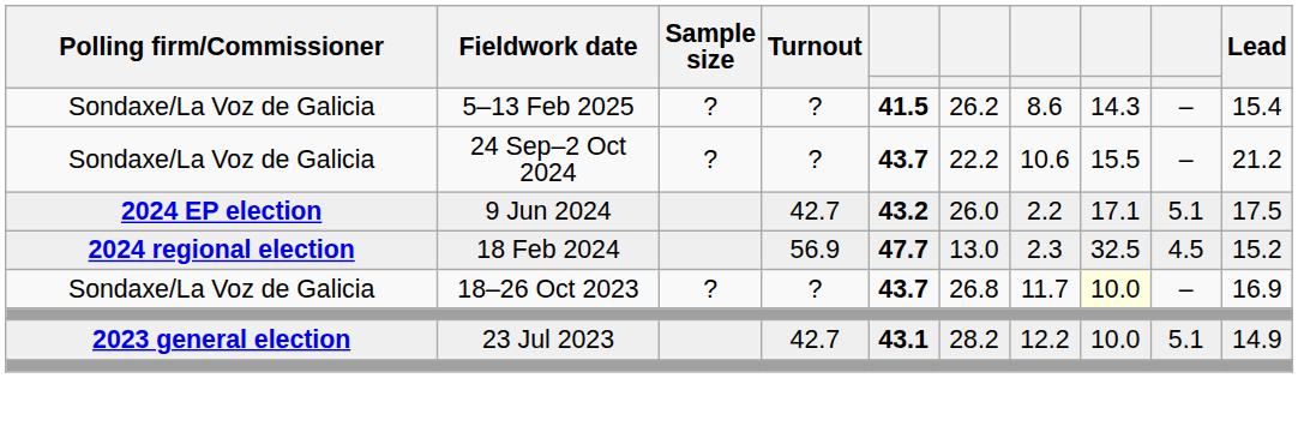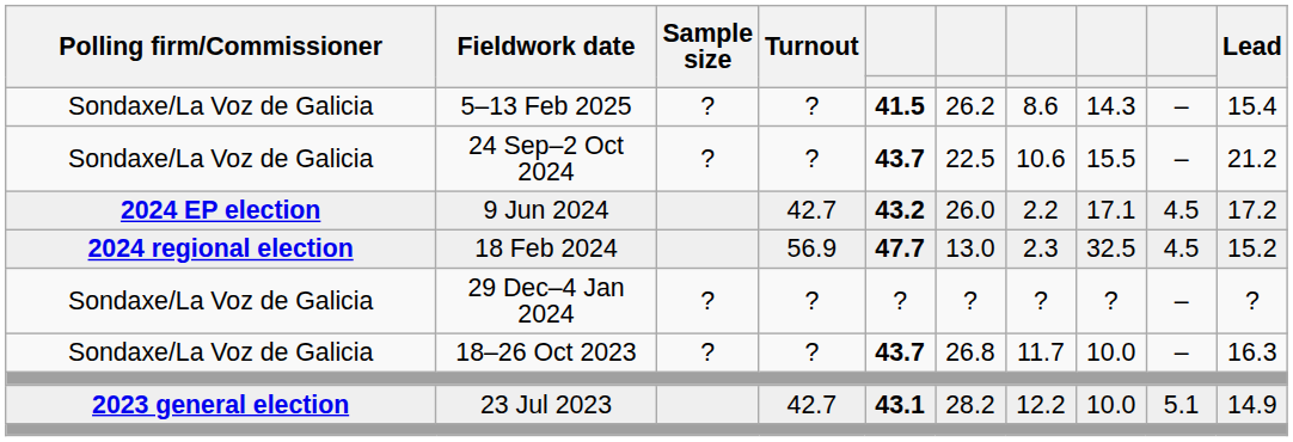 <table class="wikitable collapsible collapsed" style="text-align:center; font-size:95%; line-height:16px;">
 <tr style="height:42px;">
 <th style="width:250px;" rowspan="2">Polling firm/Commissioner</th>
 <th style="width:125px;" rowspan="2">Fieldwork date</th>
 <th style="width:50px;" rowspan="2">Sample size</th>
 <th style="width:45px;" rowspan="2">Turnout</th>
 <th style="width:35px;"></th>
 <th style="width:35px;"></th>
 <th style="width:35px;"></th>
 <th style="width:35px;"></th>
 <th style="width:35px;"></th>
 <th style="width:30px;" rowspan="2">Lead</th>
 </tr>
 <tr>
 <th style="color:inherit;background:"></th>
 <th style="color:inherit;background:"></th>
 <th style="color:inherit;background:"></th>
 <th style="color:inherit;background:"></th>
 <th style="color:inherit;background:"></th>
 </tr>
 <tr>
 <td>Sondaxe/La Voz de Galicia</td>
 <td>5–13 Feb 2025</td>
 <td>?</td>
 <td>?</td>
 <td><strong>41.5</strong><br></td>
 <td>26.2<br></td>
 <td>8.6<br></td>
 <td>14.3<br></td>
 <td>–</td>
 <td style="background:">15.4</td>
 </tr>
 <tr>
 <td>Sondaxe/La Voz de Galicia</td>
 <td>24 Sep–2 Oct 2024</td>
 <td>?</td>
 <td>?</td>
 <td><strong>43.7</strong><br></td>
-<td>22.2<br></td>
+<td>22.5<br></td>
 <td>10.6<br></td>
 <td>15.5<br></td>
 <td>–</td>
 <td style="background:">21.2</td>
 </tr>
 <tr style="background:#EFEFEF;">
 <td><strong><a href='#'>2024 EP election</a></strong></td>
 <td>9 Jun 2024</td>
 <td></td>
 <td>42.7</td>
 <td><strong>43.2</strong><br></td>
 <td>26.0<br></td>
 <td>2.2<br></td>
 <td>17.1<br></td>
-<td>5.1<br></td>
-<td style="background:">17.5</td>
+<td>4.5<br></td>
+<td style="background:">17.2</td>
 </tr>
 <tr style="background:#EFEFEF;">
 <td><strong><a href='#'>2024 regional election</a></strong></td>
 <td>18 Feb 2024</td>
 <td></td>
 <td>56.9</td>
 <td><strong>47.7</strong><br></td>
 <td>13.0<br></td>
 <td>2.3<br></td>
 <td>32.5<br></td>
 <td>4.5<br></td>
 <td style="background:">15.2</td>
 </tr>
 <tr>
 <td>Sondaxe/La Voz de Galicia</td>
+<td>29 Dec–4 Jan 2024</td>
+<td>?</td>
+<td>?</td>
+<td>?<br></td>
+<td>?<br></td>
+<td>?<br></td>
+<td>?<br></td>
+<td>–</td>
+<td style="background:">?</td>
+</tr>
+<tr>
+<td>Sondaxe/La Voz de Galicia</td>
 <td>18–26 Oct 2023</td>
 <td>?</td>
 <td>?</td>
 <td><strong>43.7</strong><br></td>
 <td>26.8<br></td>
 <td>11.7<br></td>
-<td style="background: lightyellow;">10.0<br></td>
+<td>10.0<br></td>
 <td>–</td>
-<td style="background:">16.9</td>
+<td style="background:">16.3</td>
 </tr>
 <tr>
 <td colspan="10" style="background:#A0A0A0"></td>
 </tr>
 <tr style="background:#EFEFEF;">
 <td><strong><a href='#'>2023 general election</a></strong></td>
 <td>23 Jul 2023</td>
 <td></td>
 <td>42.7</td>
 <td><strong>43.1</strong><br></td>
 <td>28.2<br></td>
 <td>12.2<br></td>
 <td>10.0<br></td>
 <td>5.1<br></td>
 <td style="background:">14.9</td>
 </tr>
 <tr>
 <td colspan="10" style="background:#A0A0A0"></td>
 </tr>
 </table>
